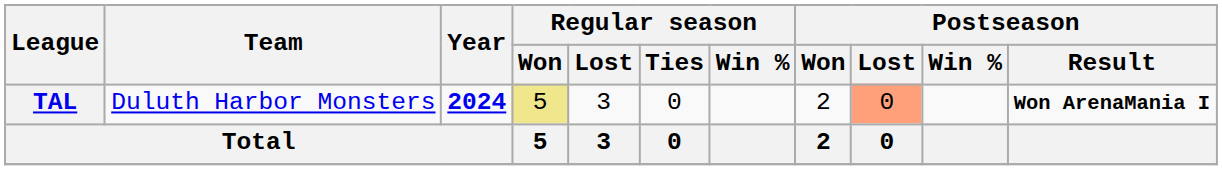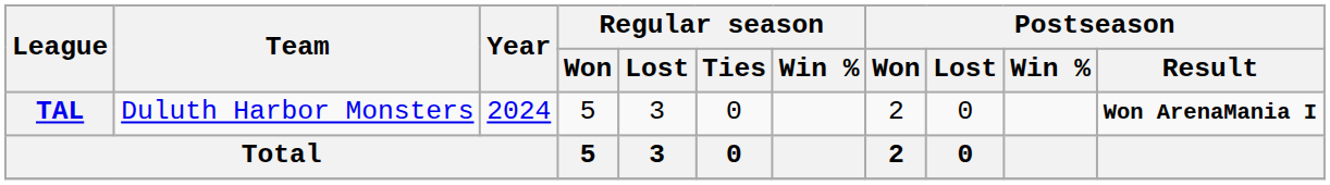 <table class="wikitable" style="font-size: 95%; text-align:center;">
 <tr>
 <th rowspan="2">League</th>
 <th rowspan="2">Team</th>
 <th rowspan="2">Year</th>
 <th colspan="4">Regular season</th>
 <th colspan="4">Postseason</th>
 </tr>
 <tr>
 <th>Won</th>
 <th>Lost</th>
 <th>Ties</th>
 <th>Win %</th>
 <th>Won</th>
 <th>Lost</th>
 <th>Win %</th>
 <th>Result</th>
 </tr>
 <tr>
 <th><a href='#'>TAL</a></th>
 <td><a href='#'>Duluth Harbor Monsters</a></td>
-<td><strong><a href='#'>2024</a></strong></td>
-<td style="background: khaki;">5</td>
+<td><a href='#'>2024</a></td>
+<td>5</td>
 <td>3</td>
 <td>0</td>
 <td></td>
 <td>2</td>
-<td style="background: lightsalmon;">0</td>
+<td>0</td>
 <td></td>
 <td><small><strong>Won ArenaMania I</strong></small></td>
 </tr>
 <tr>
 <th colspan="3">Total</th>
 <th>5</th>
 <th>3</th>
 <th>0</th>
 <th></th>
 <th>2</th>
 <th>0</th>
 <th></th>
 <th></th>
 </tr>
 <tr>
 </tr>
 </table>
